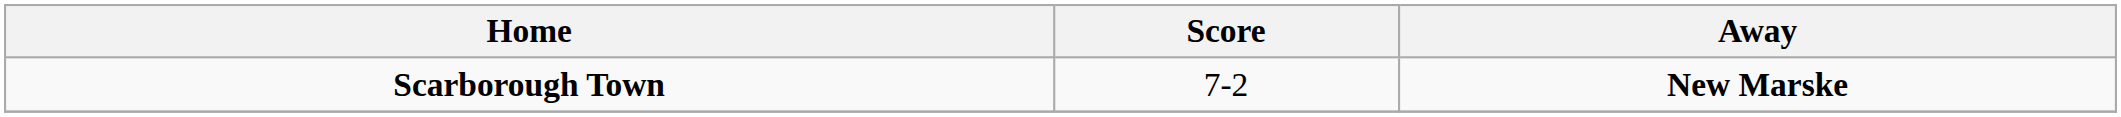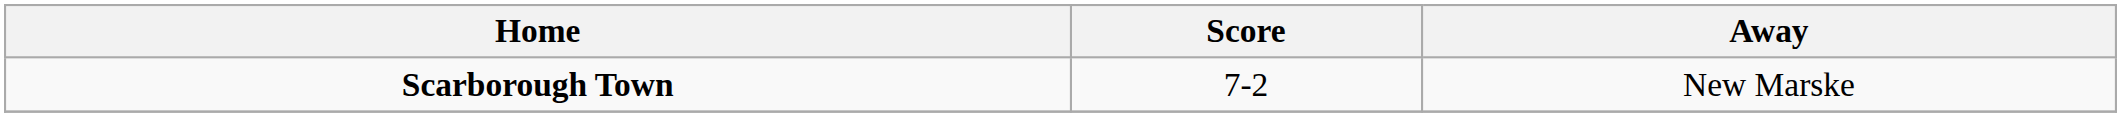 <table class="wikitable " style="text-align:center; width:80%;">
 <tr>
 <th>Home</th>
 <th>Score</th>
 <th>Away</th>
 </tr>
 <tr>
 <td><strong>Scarborough Town</strong></td>
 <td>7-2</td>
-<td><strong>New Marske</strong></td>
+<td>New Marske</td>
 </tr>
 <tr>
 </tr>
 </table>
